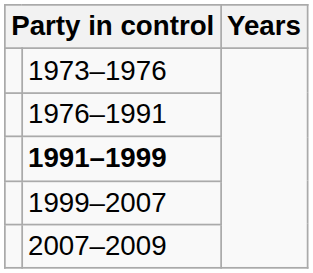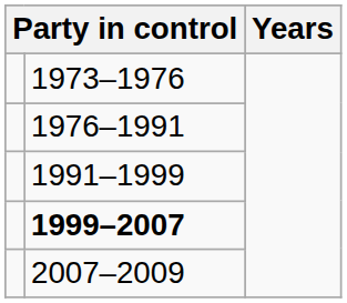 <table class="wikitable">
 <tr>
 <th colspan="2">Party in control</th>
 <th>Years</th>
 </tr>
 <tr>
 <td></td>
 <td>1973–1976</td>
 </tr>
 <tr>
 <td></td>
 <td>1976–1991</td>
 </tr>
 <tr>
 <td></td>
-<td><strong>1991–1999</strong></td>
+<td>1991–1999</td>
 </tr>
 <tr>
 <td></td>
-<td>1999–2007</td>
+<td><strong>1999–2007</strong></td>
 </tr>
 <tr>
 <td></td>
 <td>2007–2009</td>
 </tr>
 </table>
